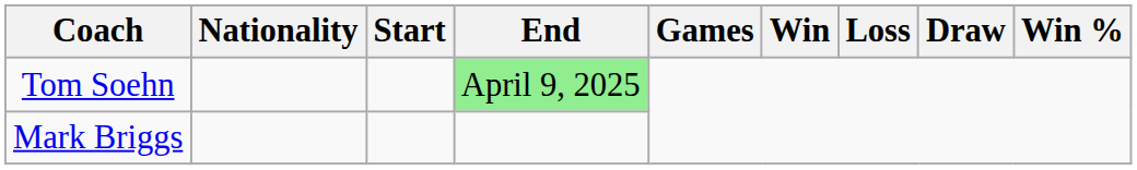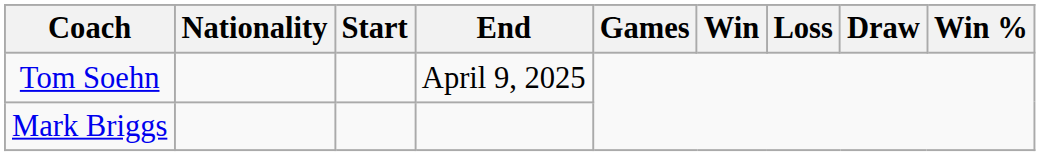 <table class="wikitable" style="text-align:center; margin-left: lem;">
 <tr>
 <th>Coach</th>
 <th>Nationality</th>
 <th>Start</th>
 <th>End</th>
 <th>Games</th>
 <th>Win</th>
 <th>Loss</th>
 <th>Draw</th>
 <th>Win %</th>
 </tr>
 <tr>
 <td><a href='#'>Tom Soehn</a></td>
 <td></td>
 <td></td>
-<td style="background: lightgreen;">April 9, 2025<br></td>
+<td>April 9, 2025<br></td>
 </tr>
 <tr>
 <td><a href='#'>Mark Briggs</a></td>
 <td></td>
 <td></td>
 <td><br></td>
 </tr>
 </table>
